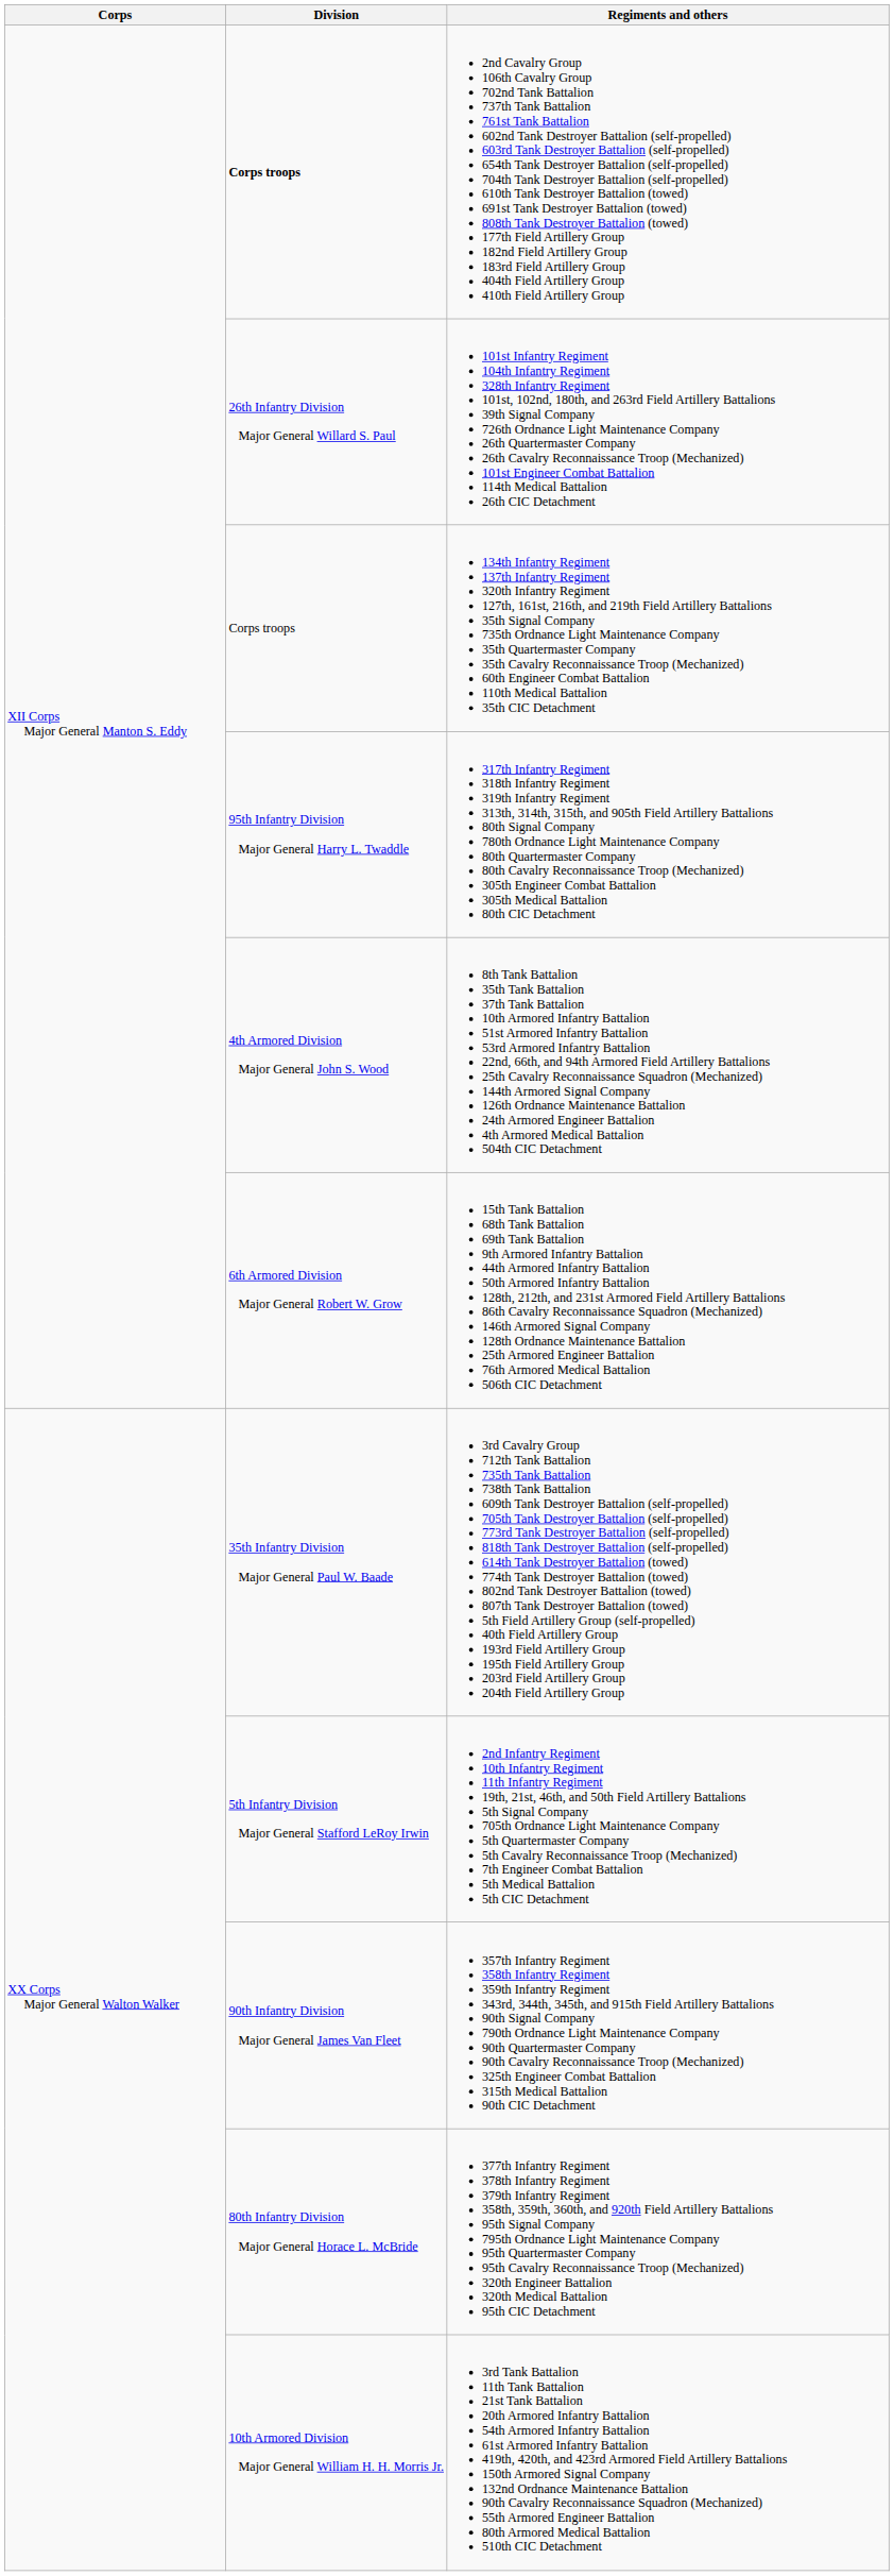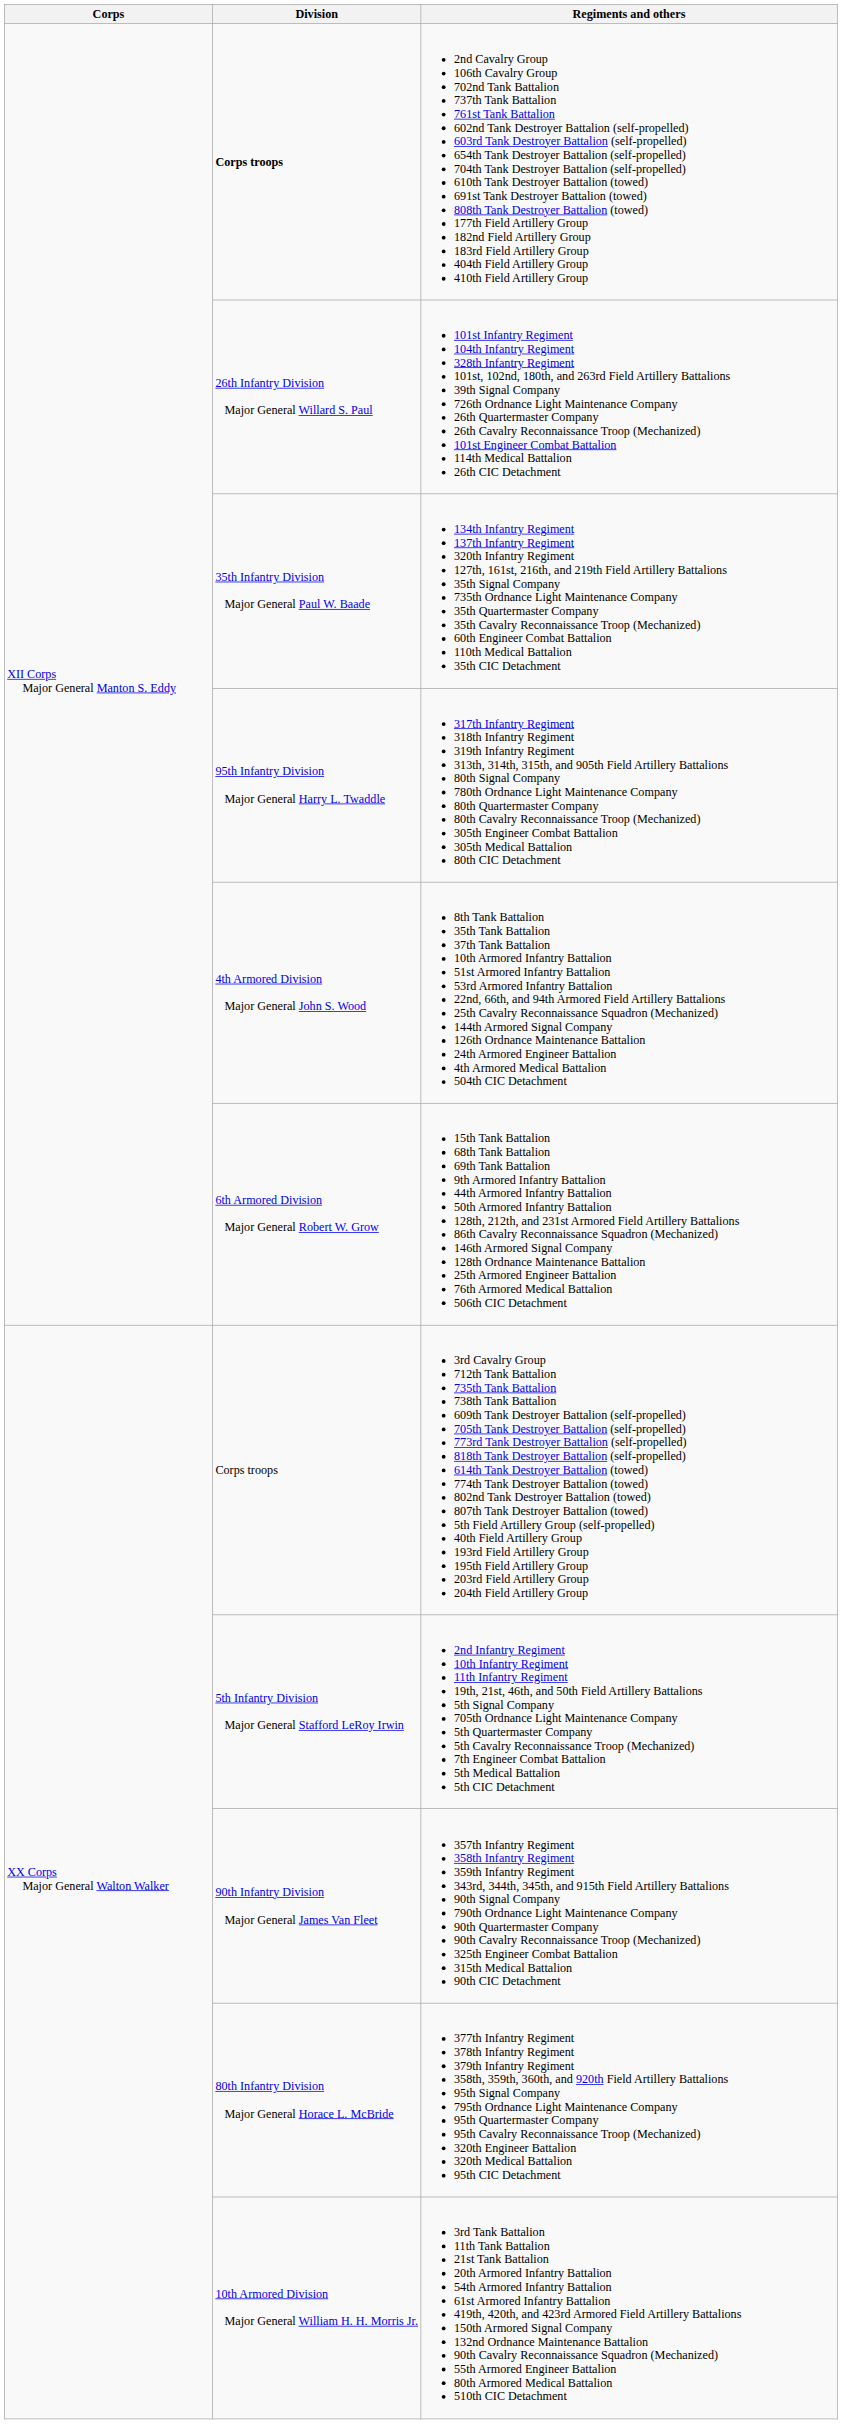 <table class="wikitable">
 <tr>
 <th width=25%>Corps</th>
 <th width=25%>Division</th>
 <th>Regiments and others</th>
 </tr>
 <tr>
 <td rowspan=6><br><a href='#'>XII Corps</a> <br>     Major General <a href='#'>Manton S. Eddy</a></td>
 <td><strong>Corps troops</strong></td>
 <td><br><ul><li>2nd Cavalry Group</li><li>106th Cavalry Group</li><li>702nd Tank Battalion</li><li>737th Tank Battalion</li><li><a href='#'>761st Tank Battalion</a></li><li>602nd Tank Destroyer Battalion (self-propelled)</li><li><a href='#'>603rd Tank Destroyer Battalion</a> (self-propelled)</li><li>654th Tank Destroyer Battalion (self-propelled)</li><li>704th Tank Destroyer Battalion (self-propelled)</li><li>610th Tank Destroyer Battalion (towed)</li><li>691st Tank Destroyer Battalion (towed)</li><li><a href='#'>808th Tank Destroyer Battalion</a> (towed)</li><li>177th Field Artillery Group</li><li>182nd Field Artillery Group</li><li>183rd Field Artillery Group</li><li>404th Field Artillery Group</li><li>410th Field Artillery Group</li></ul></td>
 </tr>
 <tr>
 <td><a href='#'>26th Infantry Division</a><br><br>   Major General <a href='#'>Willard S. Paul</a></td>
 <td><br><ul><li><a href='#'>101st Infantry Regiment</a></li><li><a href='#'>104th Infantry Regiment</a></li><li><a href='#'>328th Infantry Regiment</a></li><li>101st, 102nd, 180th, and 263rd Field Artillery Battalions</li><li>39th Signal Company</li><li>726th Ordnance Light Maintenance Company</li><li>26th Quartermaster Company</li><li>26th Cavalry Reconnaissance Troop (Mechanized)</li><li><a href='#'>101st Engineer Combat Battalion</a></li><li>114th Medical Battalion</li><li>26th CIC Detachment</li></ul></td>
 </tr>
 <tr>
-<td>Corps troops</td>
+<td><a href='#'>35th Infantry Division</a><br><br>   Major General <a href='#'>Paul W. Baade</a></td>
 <td><br><ul><li><a href='#'>134th Infantry Regiment</a></li><li><a href='#'>137th Infantry Regiment</a></li><li>320th Infantry Regiment</li><li>127th, 161st, 216th, and 219th Field Artillery Battalions</li><li>35th Signal Company</li><li>735th Ordnance Light Maintenance Company</li><li>35th Quartermaster Company</li><li>35th Cavalry Reconnaissance Troop (Mechanized)</li><li>60th Engineer Combat Battalion</li><li>110th Medical Battalion</li><li>35th CIC Detachment</li></ul></td>
 </tr>
 <tr>
 <td><a href='#'>95th Infantry Division</a><br><br>   Major General <a href='#'>Harry L. Twaddle</a></td>
 <td><br><ul><li><a href='#'>317th Infantry Regiment</a></li><li>318th Infantry Regiment</li><li>319th Infantry Regiment</li><li>313th, 314th, 315th, and 905th Field Artillery Battalions</li><li>80th Signal Company</li><li>780th Ordnance Light Maintenance Company</li><li>80th Quartermaster Company</li><li>80th Cavalry Reconnaissance Troop (Mechanized)</li><li>305th Engineer Combat Battalion</li><li>305th Medical Battalion</li><li>80th CIC Detachment</li></ul></td>
 </tr>
 <tr>
 <td><a href='#'>4th Armored Division</a><br><br>   Major General <a href='#'>John S. Wood</a></td>
 <td><br><ul><li>8th Tank Battalion</li><li>35th Tank Battalion</li><li>37th Tank Battalion</li><li>10th Armored Infantry Battalion</li><li>51st Armored Infantry Battalion</li><li>53rd Armored Infantry Battalion</li><li>22nd, 66th, and 94th Armored Field Artillery Battalions</li><li>25th Cavalry Reconnaissance Squadron (Mechanized)</li><li>144th Armored Signal Company</li><li>126th Ordnance Maintenance Battalion</li><li>24th Armored Engineer Battalion</li><li>4th Armored Medical Battalion</li><li>504th CIC Detachment</li></ul></td>
 </tr>
 <tr>
 <td><a href='#'>6th Armored Division</a><br><br>   Major General <a href='#'>Robert W. Grow</a></td>
 <td><br><ul><li>15th Tank Battalion</li><li>68th Tank Battalion</li><li>69th Tank Battalion</li><li>9th Armored Infantry Battalion</li><li>44th Armored Infantry Battalion</li><li>50th Armored Infantry Battalion</li><li>128th, 212th, and 231st Armored Field Artillery Battalions</li><li>86th Cavalry Reconnaissance Squadron (Mechanized)</li><li>146th Armored Signal Company</li><li>128th Ordnance Maintenance Battalion</li><li>25th Armored Engineer Battalion</li><li>76th Armored Medical Battalion</li><li>506th CIC Detachment</li></ul></td>
 </tr>
 <tr>
 <td rowspan=5><br><a href='#'>XX Corps</a> <br>     Major General <a href='#'>Walton Walker</a></td>
-<td><a href='#'>35th Infantry Division</a><br><br>   Major General <a href='#'>Paul W. Baade</a></td>
+<td>Corps troops</td>
 <td><br><ul><li>3rd Cavalry Group</li><li>712th Tank Battalion</li><li><a href='#'>735th Tank Battalion</a></li><li>738th Tank Battalion</li><li>609th Tank Destroyer Battalion (self-propelled)</li><li><a href='#'>705th Tank Destroyer Battalion</a> (self-propelled)</li><li><a href='#'>773rd Tank Destroyer Battalion</a> (self-propelled)</li><li><a href='#'>818th Tank Destroyer Battalion</a> (self-propelled)</li><li><a href='#'>614th Tank Destroyer Battalion</a> (towed)</li><li>774th Tank Destroyer Battalion (towed)</li><li>802nd Tank Destroyer Battalion (towed)</li><li>807th Tank Destroyer Battalion (towed)</li><li>5th Field Artillery Group (self-propelled)</li><li>40th Field Artillery Group</li><li>193rd Field Artillery Group</li><li>195th Field Artillery Group</li><li>203rd Field Artillery Group</li><li>204th Field Artillery Group</li></ul></td>
 </tr>
 <tr>
 <td><a href='#'>5th Infantry Division</a><br><br>   Major General <a href='#'>Stafford LeRoy Irwin</a></td>
 <td><br><ul><li><a href='#'>2nd Infantry Regiment</a></li><li><a href='#'>10th Infantry Regiment</a></li><li><a href='#'>11th Infantry Regiment</a></li><li>19th, 21st, 46th, and 50th Field Artillery Battalions</li><li>5th Signal Company</li><li>705th Ordnance Light Maintenance Company</li><li>5th Quartermaster Company</li><li>5th Cavalry Reconnaissance Troop (Mechanized)</li><li>7th Engineer Combat Battalion</li><li>5th Medical Battalion</li><li>5th CIC Detachment</li></ul></td>
 </tr>
 <tr>
 <td><a href='#'>90th Infantry Division</a><br><br>   Major General <a href='#'>James Van Fleet</a></td>
 <td><br><ul><li>357th Infantry Regiment</li><li><a href='#'>358th Infantry Regiment</a></li><li>359th Infantry Regiment</li><li>343rd, 344th, 345th, and 915th Field Artillery Battalions</li><li>90th Signal Company</li><li>790th Ordnance Light Maintenance Company</li><li>90th Quartermaster Company</li><li>90th Cavalry Reconnaissance Troop (Mechanized)</li><li>325th Engineer Combat Battalion</li><li>315th Medical Battalion</li><li>90th CIC Detachment</li></ul></td>
 </tr>
 <tr>
 <td><a href='#'>80th Infantry Division</a><br><br>   Major General <a href='#'>Horace L. McBride</a></td>
 <td><br><ul><li>377th Infantry Regiment</li><li>378th Infantry Regiment</li><li>379th Infantry Regiment</li><li>358th, 359th, 360th, and <a href='#'>920th</a> Field Artillery Battalions</li><li>95th Signal Company</li><li>795th Ordnance Light Maintenance Company</li><li>95th Quartermaster Company</li><li>95th Cavalry Reconnaissance Troop (Mechanized)</li><li>320th Engineer Battalion</li><li>320th Medical Battalion</li><li>95th CIC Detachment</li></ul></td>
 </tr>
 <tr>
 <td><a href='#'>10th Armored Division</a><br><br>   Major General <a href='#'>William H. H. Morris Jr.</a></td>
 <td><br><ul><li>3rd Tank Battalion</li><li>11th Tank Battalion</li><li>21st Tank Battalion</li><li>20th Armored Infantry Battalion</li><li>54th Armored Infantry Battalion</li><li>61st Armored Infantry Battalion</li><li>419th, 420th, and 423rd Armored Field Artillery Battalions</li><li>150th Armored Signal Company</li><li>132nd Ordnance Maintenance Battalion</li><li>90th Cavalry Reconnaissance Squadron (Mechanized)</li><li>55th Armored Engineer Battalion</li><li>80th Armored Medical Battalion</li><li>510th CIC Detachment</li></ul></td>
 </tr>
 </table>
